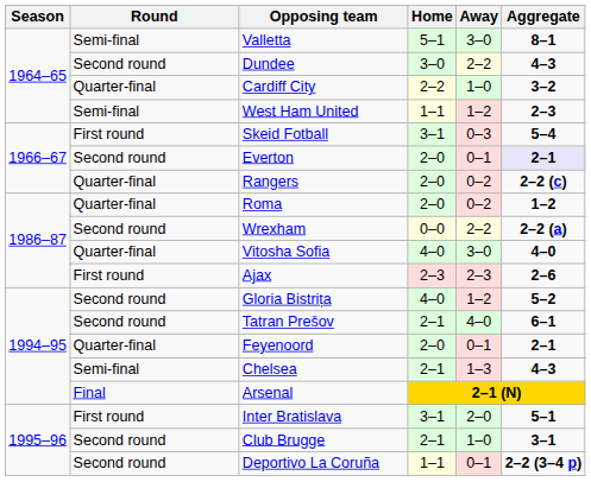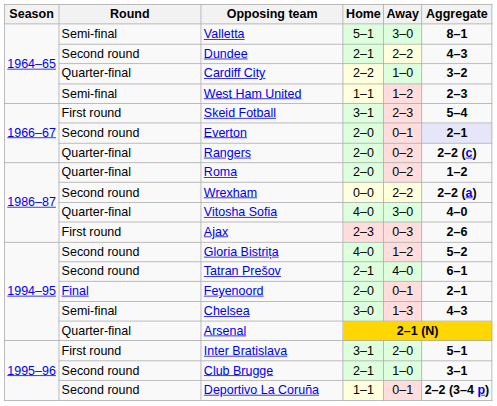 <table class="wikitable">
 <tr>
 <th>Season</th>
 <th width=175>Round</th>
 <th width=175>Opposing team</th>
 <th>Home</th>
 <th>Away</th>
 <th>Aggregate</th>
 </tr>
 <tr>
 <td rowspan="4"><a href='#'>1964–65</a></td>
 <td>Semi-final</td>
 <td> <a href='#'>Valletta</a></td>
 <td style="text-align:center; background:#dfd;">5–1</td>
 <td style="text-align:center; background:#dfd;">3–0</td>
 <td style="text-align:center;"><strong>8–1</strong></td>
 </tr>
 <tr>
 <td>Second round</td>
 <td> <a href='#'>Dundee</a></td>
-<td style="text-align:center; background:#dfd;">3–0</td>
+<td style="text-align:center; background:#dfd;">2–1</td>
 <td style="text-align:center; background:#ffd;">2–2</td>
 <td style="text-align:center;"><strong>4–3</strong></td>
 </tr>
 <tr>
 <td>Quarter-final</td>
 <td> <a href='#'>Cardiff City</a></td>
 <td style="text-align:center; background:#ffd;">2–2</td>
 <td style="text-align:center; background:#dfd;">1–0</td>
 <td style="text-align:center;"><strong>3–2</strong></td>
 </tr>
 <tr>
 <td>Semi-final</td>
 <td> <a href='#'>West Ham United</a></td>
 <td style="text-align:center; background:#ffd;">1–1</td>
 <td style="text-align:center; background:#fdd;">1–2</td>
 <td style="text-align:center;"><strong>2–3</strong></td>
 </tr>
 <tr>
 <td rowspan="3"><a href='#'>1966–67</a></td>
 <td>First round</td>
 <td> <a href='#'>Skeid Fotball</a></td>
 <td style="text-align:center; background:#dfd;">3–1</td>
-<td style="text-align:center; background:#fdd;">0–3</td>
+<td style="text-align:center; background:#fdd;">2–3</td>
 <td style="text-align:center;"><strong>5–4</strong></td>
 </tr>
 <tr>
 <td>Second round</td>
 <td> <a href='#'>Everton</a></td>
 <td style="text-align:center; background:#dfd;">2–0</td>
 <td style="text-align:center; background:#fdd;">0–1</td>
 <td style="background: lavender; text-align:center;"><strong>2–1</strong></td>
 </tr>
 <tr>
 <td>Quarter-final</td>
 <td> <a href='#'>Rangers</a></td>
 <td style="text-align:center; background:#dfd;">2–0</td>
 <td style="text-align:center; background:#fdd;">0–2</td>
 <td style="text-align:center;"><strong>2–2 (<a href='#'>c</a>)</strong></td>
 </tr>
 <tr>
 <td rowspan="4"><a href='#'>1986–87</a></td>
 <td>Quarter-final</td>
 <td> <a href='#'>Roma</a></td>
 <td style="text-align:center; background:#dfd;">2–0</td>
 <td style="text-align:center; background:#fdd;">0–2</td>
 <td style="text-align:center;"><strong>1–2</strong></td>
 </tr>
 <tr>
 <td>Second round</td>
 <td> <a href='#'>Wrexham</a></td>
 <td style="text-align:center; background:#ffd;">0–0</td>
 <td style="text-align:center; background:#ffd;">2–2 </td>
 <td style="text-align:center;"><strong>2–2 (<a href='#'>a</a>)</strong></td>
 </tr>
 <tr>
 <td>Quarter-final</td>
 <td> <a href='#'>Vitosha Sofia</a></td>
 <td style="text-align:center; background:#dfd;">4–0</td>
 <td style="text-align:center; background:#dfd;">3–0</td>
 <td style="text-align:center;"><strong>4–0</strong></td>
 </tr>
 <tr>
 <td>First round</td>
 <td> <a href='#'>Ajax</a></td>
 <td style="text-align:center; background:#fdd;">2–3</td>
-<td style="text-align:center; background:#fdd;">2–3</td>
+<td style="text-align:center; background:#fdd;">0–3</td>
 <td style="text-align:center;"><strong>2–6</strong></td>
 </tr>
 <tr>
 <td rowspan="5"><a href='#'>1994–95</a></td>
 <td>Second round</td>
 <td> <a href='#'>Gloria Bistrița</a></td>
 <td style="text-align:center; background:#dfd;">4–0</td>
 <td style="text-align:center; background:#fdd;">1–2</td>
 <td style="text-align:center;"><strong>5–2</strong></td>
 </tr>
 <tr>
 <td>Second round</td>
 <td> <a href='#'>Tatran Prešov</a></td>
 <td style="text-align:center; background:#dfd;">2–1</td>
 <td style="text-align:center; background:#dfd;">4–0</td>
 <td style="text-align:center;"><strong>6–1</strong></td>
 </tr>
 <tr>
-<td>Quarter-final</td>
+<td><a href='#'>Final</a></td>
 <td> <a href='#'>Feyenoord</a></td>
 <td style="text-align:center; background:#dfd;">2–0</td>
 <td style="text-align:center; background:#fdd;">0–1</td>
 <td style="text-align:center;"><strong>2–1</strong></td>
 </tr>
 <tr>
 <td>Semi-final</td>
 <td> <a href='#'>Chelsea</a></td>
-<td style="text-align:center; background:#dfd;">2–1</td>
+<td style="text-align:center; background:#dfd;">3–0</td>
 <td style="text-align:center; background:#fdd;">1–3</td>
 <td style="text-align:center;"><strong>4–3</strong></td>
 </tr>
 <tr>
-<td><a href='#'>Final</a></td>
+<td>Quarter-final</td>
 <td> <a href='#'>Arsenal</a></td>
 <td bgcolor="gold" colspan="3" style="text-align:center;"><strong>2–1  (N)</strong></td>
 </tr>
 <tr>
 <td rowspan="3"><a href='#'>1995–96</a></td>
 <td>First round</td>
 <td> <a href='#'>Inter Bratislava</a></td>
 <td style="text-align:center; background:#dfd;">3–1</td>
 <td style="text-align:center; background:#dfd;">2–0</td>
 <td style="text-align:center;"><strong>5–1</strong></td>
 </tr>
 <tr>
 <td>Second round</td>
 <td> <a href='#'>Club Brugge</a></td>
 <td style="text-align:center; background:#dfd;">2–1</td>
 <td style="text-align:center; background:#dfd;">1–0</td>
 <td style="text-align:center;"><strong>3–1</strong></td>
 </tr>
 <tr>
 <td>Second round</td>
 <td> <a href='#'>Deportivo La Coruña</a></td>
 <td style="text-align:center; background:#ffd;">1–1</td>
 <td style="text-align:center; background:#fdd;">0–1</td>
 <td style="text-align:center;"><strong>2–2 (3–4 <a href='#'>p</a>)</strong></td>
 </tr>
 </table>
